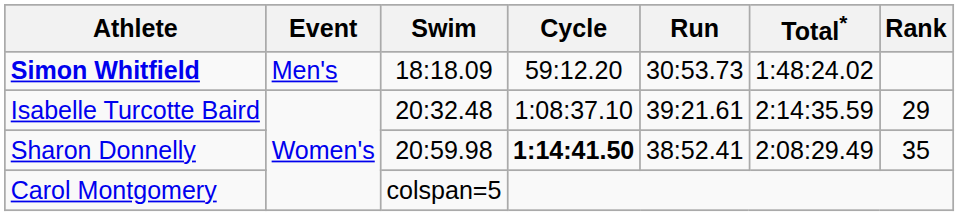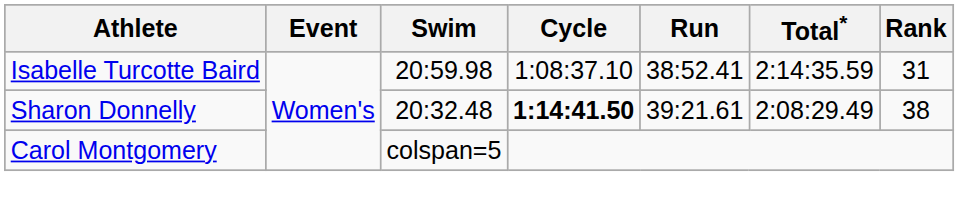 <table class=wikitable style=font-size:90%;text-align:center>
 <tr>
 <th>Athlete</th>
 <th>Event</th>
 <th>Swim</th>
 <th>Cycle</th>
 <th>Run</th>
 <th>Total<sup>*</sup></th>
 <th>Rank</th>
 </tr>
 <tr>
-<td align=left><strong><a href='#'>Simon Whitfield</a></strong></td>
-<td align=left><a href='#'>Men's</a></td>
-<td>18:18.09</td>
-<td>59:12.20</td>
-<td>30:53.73</td>
-<td>1:48:24.02</td>
-<td></td>
-</tr>
-<tr>
 <td align=left><a href='#'>Isabelle Turcotte Baird</a></td>
 <td align=left rowspan=3><a href='#'>Women's</a></td>
-<td>20:32.48</td>
+<td>20:59.98</td>
 <td>1:08:37.10</td>
-<td>39:21.61</td>
+<td>38:52.41</td>
 <td>2:14:35.59</td>
-<td>29</td>
+<td>31</td>
 </tr>
 <tr>
 <td align=left><a href='#'>Sharon Donnelly</a></td>
-<td>20:59.98</td>
+<td>20:32.48</td>
 <td><strong>1:14:41.50</strong></td>
-<td>38:52.41</td>
+<td>39:21.61</td>
 <td>2:08:29.49</td>
-<td>35</td>
+<td>38</td>
 </tr>
 <tr>
 <td align=left><a href='#'>Carol Montgomery</a></td>
 <td>colspan=5 </td>
 </tr>
 </table>
